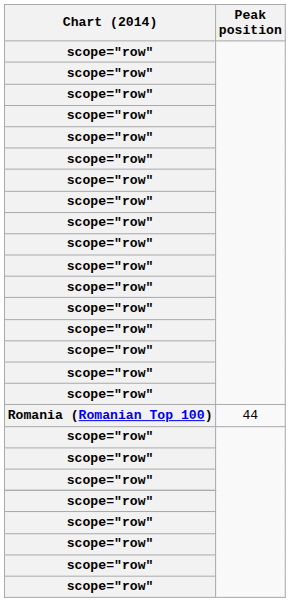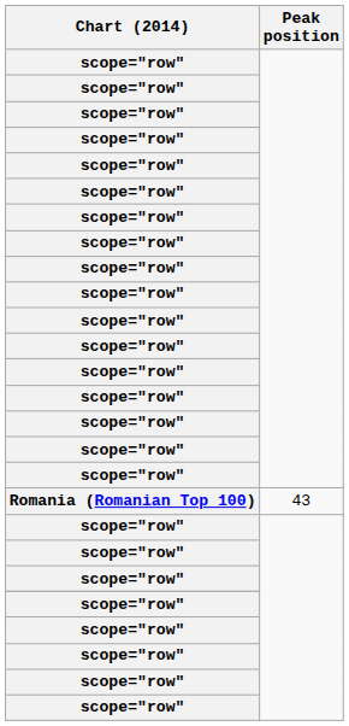 <table class="wikitable sortable plainrowheaders">
 <tr>
 <th scope="col">Chart (2014)</th>
 <th scope="col">Peak<br>position</th>
 </tr>
 <tr>
 <th>scope="row" </th>
 </tr>
 <tr>
 <th>scope="row" </th>
 </tr>
 <tr>
 <th>scope="row" </th>
 </tr>
 <tr>
 <th>scope="row" </th>
 </tr>
 <tr>
 <th>scope="row" </th>
 </tr>
 <tr>
 <th>scope="row" </th>
 </tr>
 <tr>
 <th>scope="row" </th>
 </tr>
 <tr>
 <th>scope="row" </th>
 </tr>
 <tr>
 <th>scope="row" </th>
 </tr>
 <tr>
 <th>scope="row" </th>
 </tr>
 <tr>
 <th>scope="row" </th>
 </tr>
 <tr>
 <th>scope="row" </th>
 </tr>
 <tr>
 <th>scope="row" </th>
 </tr>
 <tr>
 <th>scope="row" </th>
 </tr>
 <tr>
 <th>scope="row" </th>
 </tr>
 <tr>
 <th>scope="row" </th>
 </tr>
 <tr>
 <th>scope="row" </th>
 </tr>
 <tr>
 <th scope="row">Romania (<a href='#'>Romanian Top 100</a>)</th>
-<td style="text-align:center;">44</td>
+<td style="text-align:center;">43</td>
 </tr>
 <tr>
 <th>scope="row" </th>
 </tr>
 <tr>
 <th>scope="row" </th>
 </tr>
 <tr>
 <th>scope="row" </th>
 </tr>
 <tr>
 </tr>
 <tr>
 <th>scope="row" </th>
 </tr>
 <tr>
 <th>scope="row" </th>
 </tr>
 <tr>
 <th>scope="row" </th>
 </tr>
 <tr>
 <th>scope="row" </th>
 </tr>
 <tr>
 <th>scope="row" </th>
 </tr>
 </table>
